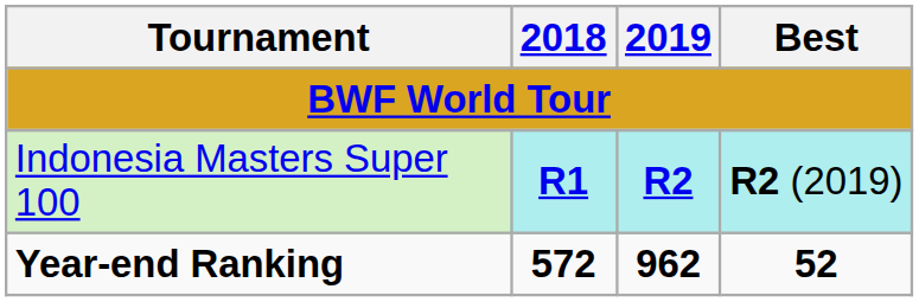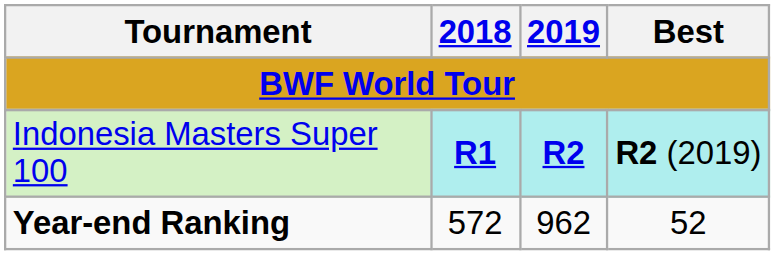 <table style='font-size: 90%; text-align:center;' class='wikitable'>
 <tr>
 <th width=180>Tournament</th>
 <th><a href='#'>2018</a></th>
 <th><a href='#'>2019</a></th>
 <th>Best</th>
 </tr>
 <tr bgcolor=DAA520>
 <td colspan=20 align=center><strong><a href='#'>BWF World Tour</a></strong></td>
 </tr>
 <tr>
 </tr>
 <tr bgcolor=#D4F1C5>
 <td align=left> <a href='#'>Indonesia Masters Super 100</a></td>
 <td bgcolor=AFEEEE><strong><a href='#'>R1</a></strong></td>
 <td bgcolor=AFEEEE><a href='#'><strong>R2</strong></a></td>
 <td bgcolor=AFEEEE><strong>R2</strong> (2019)</td>
 </tr>
 <tr>
 <td align=left><strong>Year-end Ranking</strong></td>
-<td align=center><strong>572</strong></td>
-<td align=center><strong>962</strong></td>
-<td align=center><strong>52</strong></td>
+<td align=center>572</td>
+<td align=center>962</td>
+<td align=center>52</td>
 </tr>
 </table>
